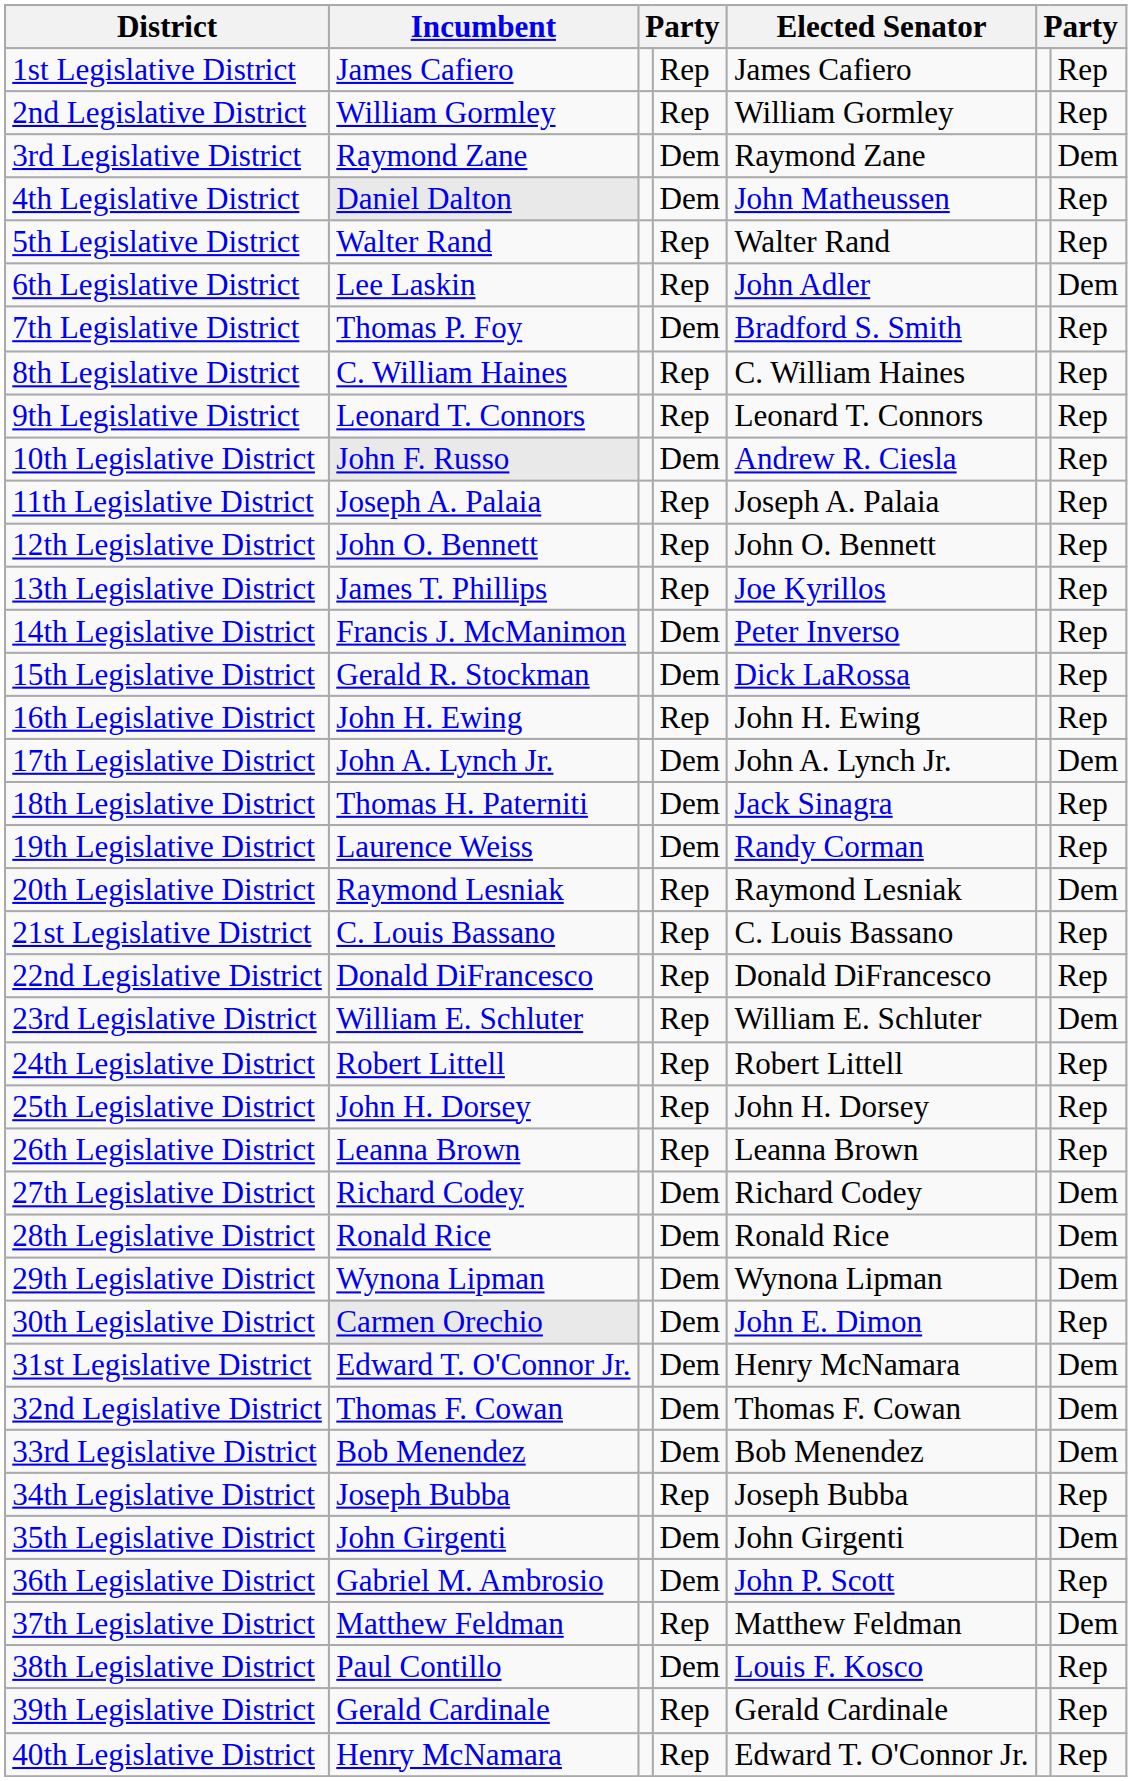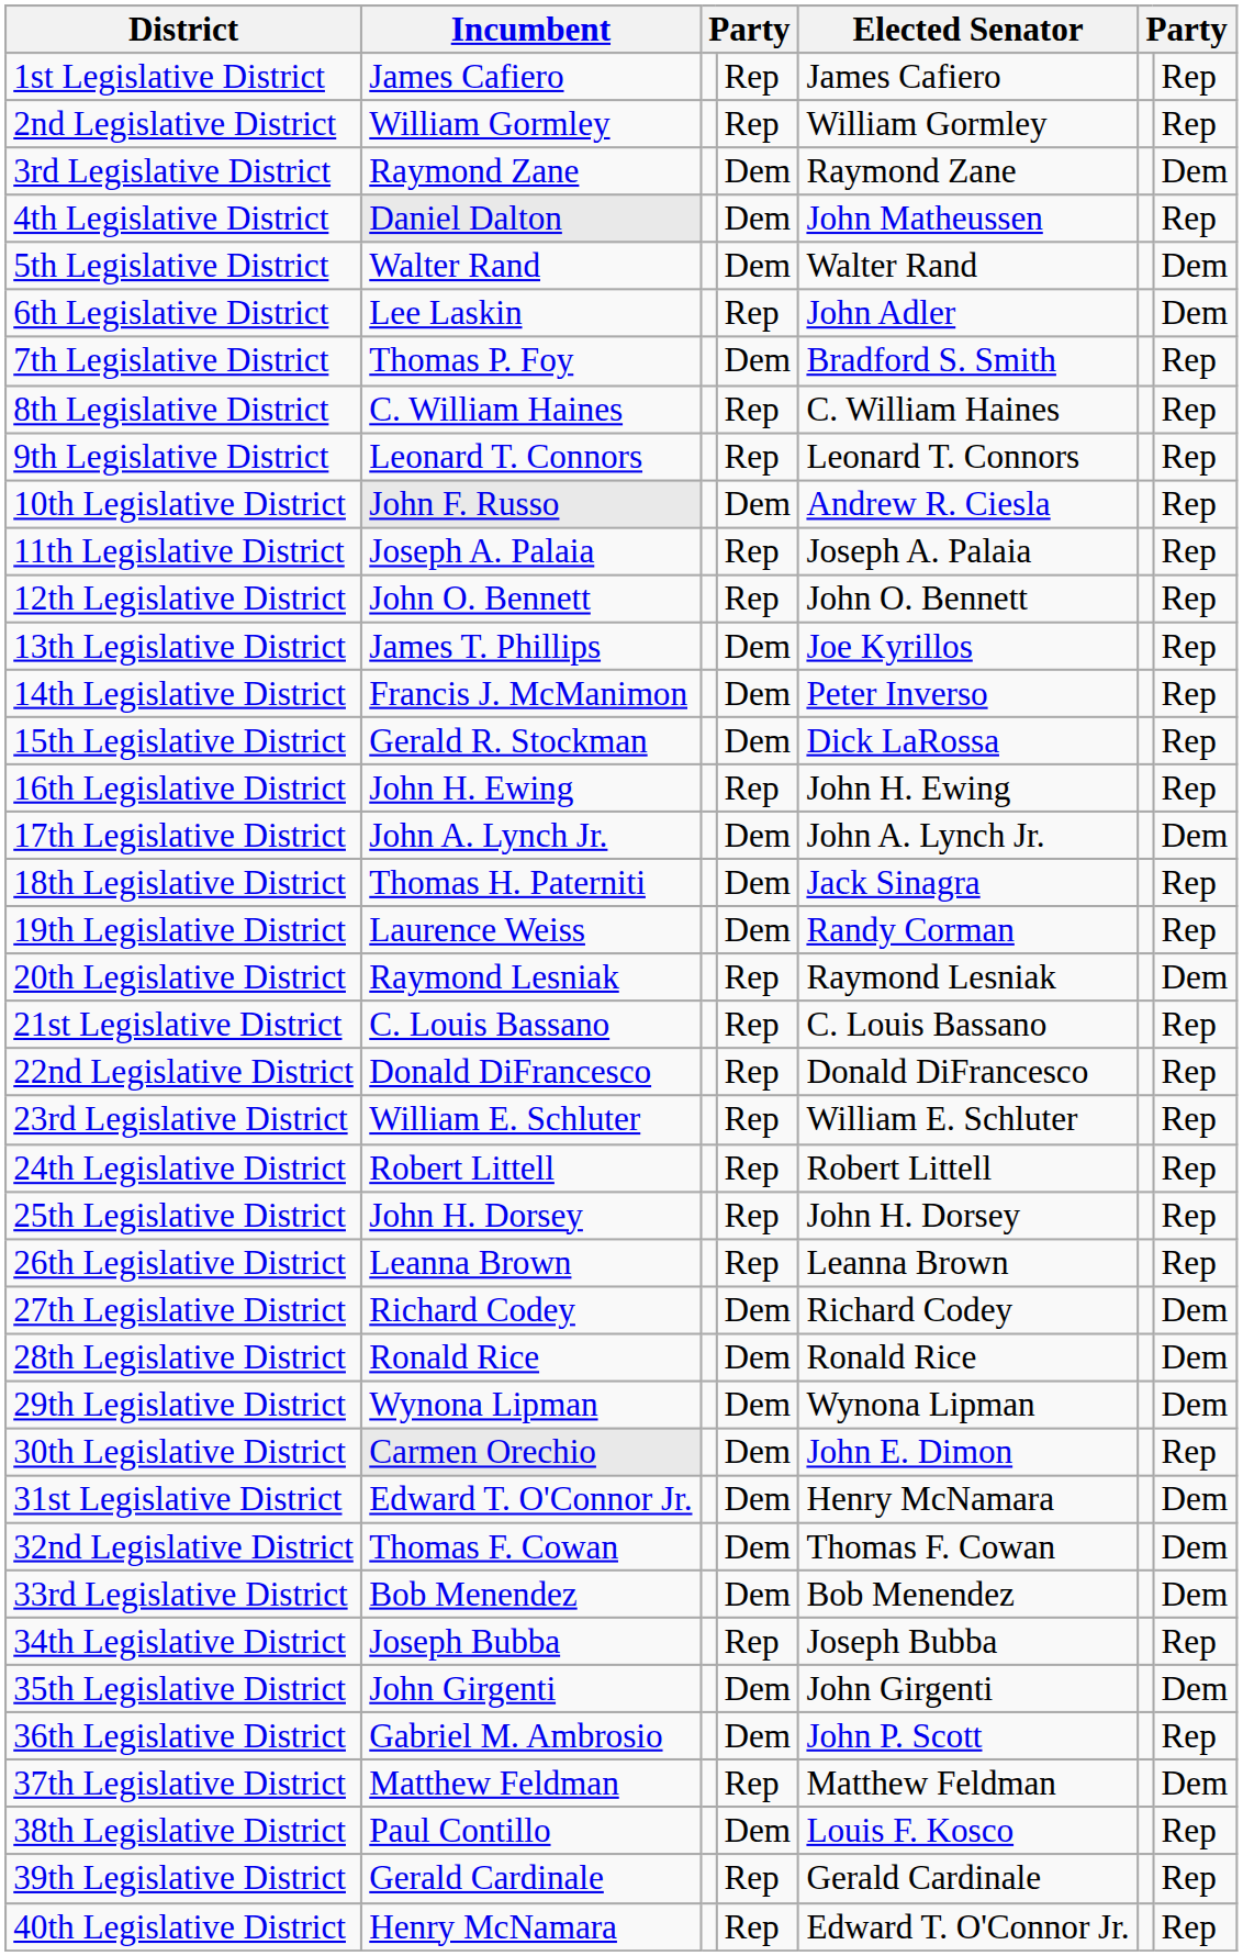 <table class="sortable wikitable" style="font-size:95%;line-height:14px;">
 <tr>
 <th>District</th>
 <th class="unsortable"><a href='#'>Incumbent</a></th>
 <th colspan="2">Party</th>
 <th class="unsortable">Elected Senator</th>
 <th colspan="2">Party</th>
 </tr>
 <tr>
 <td><a href='#'>1st Legislative District</a></td>
 <td><a href='#'>James Cafiero</a></td>
 <td style="background:"></td>
 <td>Rep</td>
 <td>James Cafiero</td>
 <td style="background:"></td>
 <td>Rep</td>
 </tr>
 <tr>
 <td><a href='#'>2nd Legislative District</a></td>
 <td><a href='#'>William Gormley</a></td>
 <td style="background:"></td>
 <td>Rep</td>
 <td>William Gormley</td>
 <td style="background:"></td>
 <td>Rep</td>
 </tr>
 <tr>
 <td><a href='#'>3rd Legislative District</a></td>
 <td><a href='#'>Raymond Zane</a></td>
 <td style="background:"></td>
 <td>Dem</td>
 <td>Raymond Zane</td>
 <td style="background:"></td>
 <td>Dem</td>
 </tr>
 <tr>
 <td><a href='#'>4th Legislative District</a></td>
 <td style="background:#E9E9E9;"><a href='#'>Daniel Dalton</a></td>
 <td style="background:"></td>
 <td>Dem</td>
 <td><a href='#'>John Matheussen</a></td>
 <td style="background:"></td>
 <td>Rep</td>
 </tr>
 <tr>
 <td><a href='#'>5th Legislative District</a></td>
 <td><a href='#'>Walter Rand</a></td>
 <td style="background:"></td>
-<td>Rep</td>
+<td>Dem</td>
 <td>Walter Rand</td>
 <td style="background:"></td>
-<td>Rep</td>
+<td>Dem</td>
 </tr>
 <tr>
 <td><a href='#'>6th Legislative District</a></td>
 <td><a href='#'>Lee Laskin</a></td>
 <td style="background:"></td>
 <td>Rep</td>
 <td><a href='#'>John Adler</a></td>
 <td style="background:"></td>
 <td>Dem</td>
 </tr>
 <tr>
 <td><a href='#'>7th Legislative District</a></td>
 <td><a href='#'>Thomas P. Foy</a></td>
 <td style="background:"></td>
 <td>Dem</td>
 <td><a href='#'>Bradford S. Smith</a></td>
 <td style="background:"></td>
 <td>Rep</td>
 </tr>
 <tr>
 <td><a href='#'>8th Legislative District</a></td>
 <td><a href='#'>C. William Haines</a></td>
 <td style="background:"></td>
 <td>Rep</td>
 <td>C. William Haines</td>
 <td style="background:"></td>
 <td>Rep</td>
 </tr>
 <tr>
 <td><a href='#'>9th Legislative District</a></td>
 <td><a href='#'>Leonard T. Connors</a></td>
 <td style="background:"></td>
 <td>Rep</td>
 <td>Leonard T. Connors</td>
 <td style="background:"></td>
 <td>Rep</td>
 </tr>
 <tr>
 <td><a href='#'>10th Legislative District</a></td>
 <td style="background:#E9E9E9;"><a href='#'>John F. Russo</a></td>
 <td style="background:"></td>
 <td>Dem</td>
 <td><a href='#'>Andrew R. Ciesla</a></td>
 <td style="background:"></td>
 <td>Rep</td>
 </tr>
 <tr>
 <td><a href='#'>11th Legislative District</a></td>
 <td><a href='#'>Joseph A. Palaia</a></td>
 <td style="background:"></td>
 <td>Rep</td>
 <td>Joseph A. Palaia</td>
 <td style="background:"></td>
 <td>Rep</td>
 </tr>
 <tr>
 <td><a href='#'>12th Legislative District</a></td>
 <td><a href='#'>John O. Bennett</a></td>
 <td style="background:"></td>
 <td>Rep</td>
 <td>John O. Bennett</td>
 <td style="background:"></td>
 <td>Rep</td>
 </tr>
 <tr>
 <td><a href='#'>13th Legislative District</a></td>
 <td><a href='#'>James T. Phillips</a></td>
 <td style="background:"></td>
-<td>Rep</td>
+<td>Dem</td>
 <td><a href='#'>Joe Kyrillos</a></td>
 <td style="background:"></td>
 <td>Rep</td>
 </tr>
 <tr>
 <td><a href='#'>14th Legislative District</a></td>
 <td><a href='#'>Francis J. McManimon</a></td>
 <td style="background:"></td>
 <td>Dem</td>
 <td><a href='#'>Peter Inverso</a></td>
 <td style="background:"></td>
 <td>Rep</td>
 </tr>
 <tr>
 <td><a href='#'>15th Legislative District</a></td>
 <td><a href='#'>Gerald R. Stockman</a></td>
 <td style="background:"></td>
 <td>Dem</td>
 <td><a href='#'>Dick LaRossa</a></td>
 <td style="background:"></td>
 <td>Rep</td>
 </tr>
 <tr>
 <td><a href='#'>16th Legislative District</a></td>
 <td><a href='#'>John H. Ewing</a></td>
 <td style="background:"></td>
 <td>Rep</td>
 <td>John H. Ewing</td>
 <td style="background:"></td>
 <td>Rep</td>
 </tr>
 <tr>
 <td><a href='#'>17th Legislative District</a></td>
 <td><a href='#'>John A. Lynch Jr.</a></td>
 <td style="background:"></td>
 <td>Dem</td>
 <td>John A. Lynch Jr.</td>
 <td style="background:"></td>
 <td>Dem</td>
 </tr>
 <tr>
 <td><a href='#'>18th Legislative District</a></td>
 <td><a href='#'>Thomas H. Paterniti</a></td>
 <td style="background:"></td>
 <td>Dem</td>
 <td><a href='#'>Jack Sinagra</a></td>
 <td style="background:"></td>
 <td>Rep</td>
 </tr>
 <tr>
 <td><a href='#'>19th Legislative District</a></td>
 <td><a href='#'>Laurence Weiss</a></td>
 <td style="background:"></td>
 <td>Dem</td>
 <td><a href='#'>Randy Corman</a></td>
 <td style="background:"></td>
 <td>Rep</td>
 </tr>
 <tr>
 <td><a href='#'>20th Legislative District</a></td>
 <td><a href='#'>Raymond Lesniak</a></td>
 <td style="background:"></td>
 <td>Rep</td>
 <td>Raymond Lesniak</td>
 <td style="background:"></td>
 <td>Dem</td>
 </tr>
 <tr>
 <td><a href='#'>21st Legislative District</a></td>
 <td><a href='#'>C. Louis Bassano</a></td>
 <td style="background:"></td>
 <td>Rep</td>
 <td>C. Louis Bassano</td>
 <td style="background:"></td>
 <td>Rep</td>
 </tr>
 <tr>
 <td><a href='#'>22nd Legislative District</a></td>
 <td><a href='#'>Donald DiFrancesco</a></td>
 <td style="background:"></td>
 <td>Rep</td>
 <td>Donald DiFrancesco</td>
 <td style="background:"></td>
 <td>Rep</td>
 </tr>
 <tr>
 <td><a href='#'>23rd Legislative District</a></td>
 <td><a href='#'>William E. Schluter</a></td>
 <td style="background:"></td>
 <td>Rep</td>
 <td>William E. Schluter</td>
 <td style="background:"></td>
-<td>Dem</td>
+<td>Rep</td>
 </tr>
 <tr>
 <td><a href='#'>24th Legislative District</a></td>
 <td><a href='#'>Robert Littell</a></td>
 <td style="background:"></td>
 <td>Rep</td>
 <td>Robert Littell</td>
 <td style="background:"></td>
 <td>Rep</td>
 </tr>
 <tr>
 <td><a href='#'>25th Legislative District</a></td>
 <td><a href='#'>John H. Dorsey</a></td>
 <td style="background:"></td>
 <td>Rep</td>
 <td>John H. Dorsey</td>
 <td style="background:"></td>
 <td>Rep</td>
 </tr>
 <tr>
 <td><a href='#'>26th Legislative District</a></td>
 <td><a href='#'>Leanna Brown</a></td>
 <td style="background:"></td>
 <td>Rep</td>
 <td>Leanna Brown</td>
 <td style="background:"></td>
 <td>Rep</td>
 </tr>
 <tr>
 <td><a href='#'>27th Legislative District</a></td>
 <td><a href='#'>Richard Codey</a></td>
 <td style="background:"></td>
 <td>Dem</td>
 <td>Richard Codey</td>
 <td style="background:"></td>
 <td>Dem</td>
 </tr>
 <tr>
 <td><a href='#'>28th Legislative District</a></td>
 <td><a href='#'>Ronald Rice</a></td>
 <td style="background:"></td>
 <td>Dem</td>
 <td>Ronald Rice</td>
 <td style="background:"></td>
 <td>Dem</td>
 </tr>
 <tr>
 <td><a href='#'>29th Legislative District</a></td>
 <td><a href='#'>Wynona Lipman</a></td>
 <td style="background:"></td>
 <td>Dem</td>
 <td>Wynona Lipman</td>
 <td style="background:"></td>
 <td>Dem</td>
 </tr>
 <tr>
 <td><a href='#'>30th Legislative District</a></td>
 <td style="background:#E9E9E9;"><a href='#'>Carmen Orechio</a></td>
 <td style="background:"></td>
 <td>Dem</td>
 <td><a href='#'>John E. Dimon</a></td>
 <td style="background:"></td>
 <td>Rep</td>
 </tr>
 <tr>
 <td><a href='#'>31st Legislative District</a></td>
 <td><a href='#'>Edward T. O'Connor Jr.</a></td>
 <td style="background:"></td>
 <td>Dem</td>
 <td>Henry McNamara</td>
 <td style="background:"></td>
 <td>Dem</td>
 </tr>
 <tr>
 <td><a href='#'>32nd Legislative District</a></td>
 <td><a href='#'>Thomas F. Cowan</a></td>
 <td style="background:"></td>
 <td>Dem</td>
 <td>Thomas F. Cowan</td>
 <td style="background:"></td>
 <td>Dem</td>
 </tr>
 <tr>
 <td><a href='#'>33rd Legislative District</a></td>
 <td><a href='#'>Bob Menendez</a></td>
 <td style="background:"></td>
 <td>Dem</td>
 <td>Bob Menendez</td>
 <td style="background:"></td>
 <td>Dem</td>
 </tr>
 <tr>
 <td><a href='#'>34th Legislative District</a></td>
 <td><a href='#'>Joseph Bubba</a></td>
 <td style="background:"></td>
 <td>Rep</td>
 <td>Joseph Bubba</td>
 <td style="background:"></td>
 <td>Rep</td>
 </tr>
 <tr>
 <td><a href='#'>35th Legislative District</a></td>
 <td><a href='#'>John Girgenti</a></td>
 <td style="background:"></td>
 <td>Dem</td>
 <td>John Girgenti</td>
 <td style="background:"></td>
 <td>Dem</td>
 </tr>
 <tr>
 <td><a href='#'>36th Legislative District</a></td>
 <td><a href='#'>Gabriel M. Ambrosio</a></td>
 <td style="background:"></td>
 <td>Dem</td>
 <td><a href='#'>John P. Scott</a></td>
 <td style="background:"></td>
 <td>Rep</td>
 </tr>
 <tr>
 <td><a href='#'>37th Legislative District</a></td>
 <td><a href='#'>Matthew Feldman</a></td>
 <td style="background:"></td>
 <td>Rep</td>
 <td>Matthew Feldman</td>
 <td style="background:"></td>
 <td>Dem</td>
 </tr>
 <tr>
 <td><a href='#'>38th Legislative District</a></td>
 <td><a href='#'>Paul Contillo</a></td>
 <td style="background:"></td>
 <td>Dem</td>
 <td><a href='#'>Louis F. Kosco</a></td>
 <td style="background:"></td>
 <td>Rep</td>
 </tr>
 <tr>
 <td><a href='#'>39th Legislative District</a></td>
 <td><a href='#'>Gerald Cardinale</a></td>
 <td style="background:"></td>
 <td>Rep</td>
 <td>Gerald Cardinale</td>
 <td style="background:"></td>
 <td>Rep</td>
 </tr>
 <tr>
 <td><a href='#'>40th Legislative District</a></td>
 <td><a href='#'>Henry McNamara</a></td>
 <td style="background:"></td>
 <td>Rep</td>
 <td>Edward T. O'Connor Jr.</td>
 <td style="background:"></td>
 <td>Rep</td>
 </tr>
 </table>
